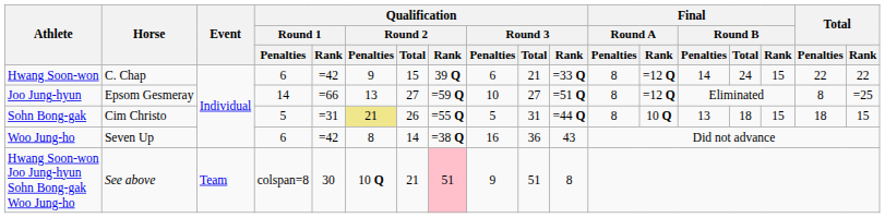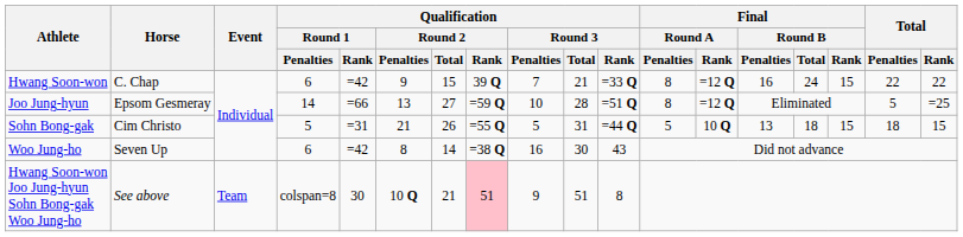 <table class="wikitable" style="font-size:90%">
 <tr>
 <th rowspan="3">Athlete</th>
 <th rowspan="3">Horse</th>
 <th rowspan="3">Event</th>
 <th colspan="8">Qualification</th>
 <th colspan="5">Final</th>
 <th rowspan=2 colspan="2">Total</th>
 </tr>
 <tr style="font-size:95%">
 <th colspan="2">Round 1</th>
 <th colspan="3">Round 2</th>
 <th colspan="3">Round 3</th>
 <th colspan="2">Round A</th>
 <th colspan="3">Round B</th>
 </tr>
 <tr style="font-size:95%">
 <th>Penalties</th>
 <th>Rank</th>
 <th>Penalties</th>
 <th>Total</th>
 <th>Rank</th>
 <th>Penalties</th>
 <th>Total</th>
 <th>Rank</th>
 <th>Penalties</th>
 <th>Rank</th>
 <th>Penalties</th>
 <th>Total</th>
 <th>Rank</th>
 <th>Penalties</th>
 <th>Rank</th>
 </tr>
 <tr align=center>
 <td align=left><a href='#'>Hwang Soon-won</a></td>
 <td align=left>C. Chap</td>
 <td align=left rowspan=4><a href='#'>Individual</a></td>
 <td>6</td>
 <td>=42</td>
 <td>9</td>
 <td>15</td>
 <td>39 <strong>Q</strong></td>
-<td>6</td>
+<td>7</td>
 <td>21</td>
 <td>=33 <strong>Q</strong></td>
 <td>8</td>
 <td>=12 <strong>Q</strong></td>
-<td>14</td>
+<td>16</td>
 <td>24</td>
 <td>15</td>
 <td>22</td>
 <td>22</td>
 </tr>
 <tr align=center>
 <td align=left><a href='#'>Joo Jung-hyun</a></td>
 <td align=left>Epsom Gesmeray</td>
 <td>14</td>
 <td>=66</td>
 <td>13</td>
 <td>27</td>
 <td>=59 <strong>Q</strong></td>
 <td>10</td>
-<td>27</td>
+<td>28</td>
 <td>=51 <strong>Q</strong></td>
 <td>8</td>
 <td>=12 <strong>Q</strong></td>
 <td colspan=3>Eliminated</td>
-<td>8</td>
+<td>5</td>
 <td>=25</td>
 </tr>
 <tr align=center>
 <td align=left><a href='#'>Sohn Bong-gak</a></td>
 <td align=left>Cim Christo</td>
 <td>5</td>
 <td>=31</td>
-<td style="background: khaki;">21</td>
+<td>21</td>
 <td>26</td>
 <td>=55 <strong>Q</strong></td>
 <td>5</td>
 <td>31</td>
 <td>=44 <strong>Q</strong></td>
-<td>8</td>
+<td>5</td>
 <td>10 <strong>Q</strong></td>
 <td>13</td>
 <td>18</td>
 <td>15</td>
 <td>18</td>
 <td>15</td>
 </tr>
 <tr align=center>
 <td align=left><a href='#'>Woo Jung-ho</a></td>
 <td align=left>Seven Up</td>
 <td>6</td>
 <td>=42</td>
 <td>8</td>
 <td>14</td>
 <td>=38 <strong>Q</strong></td>
 <td>16</td>
-<td>36</td>
+<td>30</td>
 <td>43</td>
 <td colspan=7>Did not advance</td>
 </tr>
 <tr align=center>
 <td align=left><a href='#'>Hwang Soon-won</a><br><a href='#'>Joo Jung-hyun</a><br><a href='#'>Sohn Bong-gak</a><br><a href='#'>Woo Jung-ho</a></td>
 <td align=left><em>See above</em></td>
 <td align=left><a href='#'>Team</a></td>
 <td>colspan=8 </td>
 <td>30</td>
 <td>10 <strong>Q</strong></td>
 <td>21</td>
 <td style="background: pink;">51</td>
 <td>9</td>
 <td>51</td>
 <td>8</td>
 </tr>
 </table>
